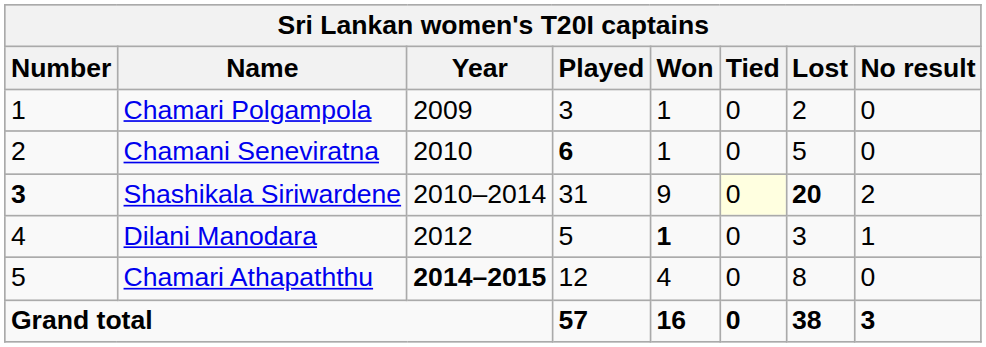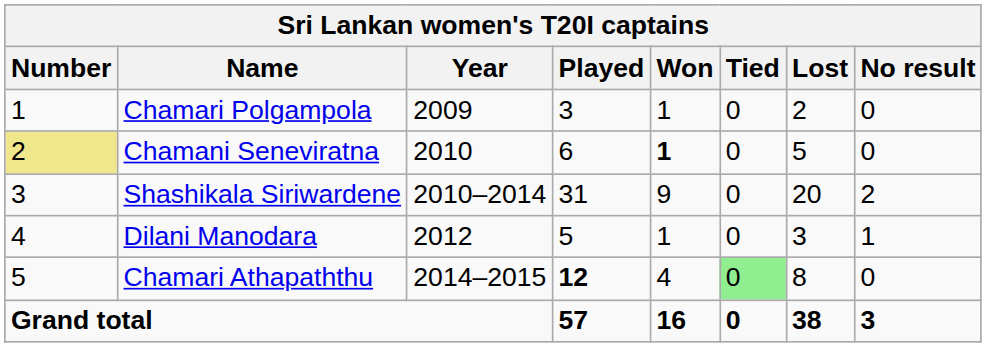 <table class="wikitable">
 <tr>
 <th bgcolor="#efefef" colspan=8>Sri Lankan women's T20I captains</th>
 </tr>
 <tr bgcolor="#efefef">
 <th>Number</th>
 <th>Name</th>
 <th>Year</th>
 <th>Played</th>
 <th>Won</th>
 <th>Tied</th>
 <th>Lost</th>
 <th>No result</th>
 </tr>
 <tr>
 <td>1</td>
 <td><a href='#'>Chamari Polgampola</a></td>
 <td>2009</td>
 <td>3</td>
 <td>1</td>
 <td>0</td>
 <td>2</td>
 <td>0</td>
 </tr>
 <tr>
-<td>2</td>
+<td style="background: khaki;">2</td>
 <td><a href='#'>Chamani Seneviratna</a></td>
 <td>2010</td>
-<td><strong>6</strong></td>
-<td>1</td>
+<td>6</td>
+<td><strong>1</strong></td>
 <td>0</td>
 <td>5</td>
 <td>0</td>
 </tr>
 <tr>
-<td><strong>3</strong></td>
+<td>3</td>
 <td><a href='#'>Shashikala Siriwardene</a></td>
 <td>2010–2014</td>
 <td>31</td>
 <td>9</td>
-<td style="background: lightyellow;">0</td>
-<td><strong>20</strong></td>
+<td>0</td>
+<td>20</td>
 <td>2</td>
 </tr>
 <tr>
 <td>4</td>
 <td><a href='#'>Dilani Manodara</a></td>
 <td>2012</td>
 <td>5</td>
-<td><strong>1</strong></td>
+<td>1</td>
 <td>0</td>
 <td>3</td>
 <td>1</td>
 </tr>
 <tr>
 <td>5</td>
 <td><a href='#'>Chamari Athapaththu</a></td>
-<td><strong>2014–2015</strong></td>
-<td>12</td>
+<td>2014–2015</td>
+<td><strong>12</strong></td>
 <td>4</td>
-<td>0</td>
+<td style="background: lightgreen;">0</td>
 <td>8</td>
 <td>0</td>
 </tr>
 <tr>
 <td colspan=3><strong>Grand total</strong></td>
 <td><strong>57</strong></td>
 <td><strong>16</strong></td>
 <td><strong>0</strong></td>
 <td><strong>38</strong></td>
 <td><strong>3</strong></td>
 </tr>
 </table>
